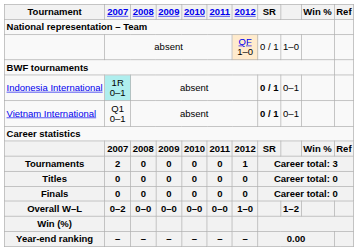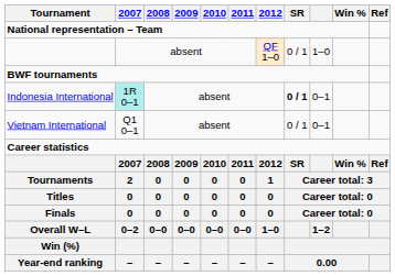 <table class="wikitable" style="font-size: 90%; text-align:center">
 <tr>
 <th>Tournament</th>
 <th><a href='#'>2007</a></th>
 <th><a href='#'>2008</a></th>
 <th><a href='#'>2009</a></th>
 <th><a href='#'>2010</a></th>
 <th><a href='#'>2011</a></th>
 <th><a href='#'>2012</a></th>
 <th>SR</th>
 <th></th>
 <th>Win %</th>
 <th>Ref</th>
 </tr>
 <tr>
 <td align="left" colspan="10"><strong>National representation – Team</strong></td>
 </tr>
 <tr>
 <td align="left"></td>
 <td colspan="5">absent</td>
 <td bgcolor="#FFEBCD"><a href='#'>QF</a><br>1–0</td>
 <td>0 / 1</td>
 <td>1–0</td>
 <td align="right"></td>
 <td></td>
 </tr>
 <tr>
 <td align="left" colspan="10"><strong>BWF tournaments</strong></td>
 </tr>
 <tr>
 <td align="left"><a href='#'>Indonesia International</a></td>
 <td bgcolor="#AFEEEE">1R<br>0–1</td>
 <td colspan="5">absent</td>
 <td><strong>0 / 1</strong></td>
 <td>0–1</td>
 <td align="right"></td>
 <td></td>
 </tr>
 <tr>
 <td align="left"><a href='#'>Vietnam International</a></td>
 <td>Q1<br>0–1</td>
 <td colspan="5">absent</td>
-<td><strong>0 / 1</strong></td>
+<td>0 / 1</td>
 <td>0–1</td>
 <td align="right"></td>
 <td></td>
 </tr>
 <tr>
 <td align="left" colspan="11"><strong>Career statistics</strong></td>
 </tr>
 <tr>
 <th></th>
 <th>2007</th>
 <th>2008</th>
 <th>2009</th>
 <th>2010</th>
 <th>2011</th>
 <th>2012</th>
 <th>SR</th>
 <th></th>
 <th>Win %</th>
 <th>Ref</th>
 </tr>
 <tr bgcolor="#EFEFEF">
 <th>Tournaments</th>
 <th>2</th>
 <th>0</th>
 <th>0</th>
 <th>0</th>
 <th>0</th>
 <th>1</th>
 <th colspan="4">Career total: 3</th>
 </tr>
 <tr>
 <th>Titles</th>
 <th>0</th>
 <th>0</th>
 <th>0</th>
 <th>0</th>
 <th>0</th>
 <th>0</th>
 <th colspan="4">Career total: 0</th>
 </tr>
 <tr>
 <th>Finals</th>
 <th>0</th>
 <th>0</th>
 <th>0</th>
 <th>0</th>
 <th>0</th>
 <th>0</th>
 <th colspan="4">Career total: 0</th>
 </tr>
 <tr>
 <th>Overall W–L</th>
 <th>0–2</th>
 <th>0–0</th>
 <th>0–0</th>
 <th>0–0</th>
 <th>0–0</th>
 <th>1–0</th>
 <th></th>
 <th>1–2</th>
 <th></th>
 <th></th>
 </tr>
 <tr>
 <th>Win (%)</th>
 <th></th>
 <th></th>
 <th></th>
 <th></th>
 <th></th>
 <th></th>
 <th colspan="4"></th>
 </tr>
 <tr>
 <th>Year-end ranking</th>
 <th>–</th>
 <th>–</th>
 <th>–</th>
 <th>–</th>
 <th>–</th>
 <th>–</th>
 <th colspan="3">0.00</th>
 <th></th>
 </tr>
 </table>
